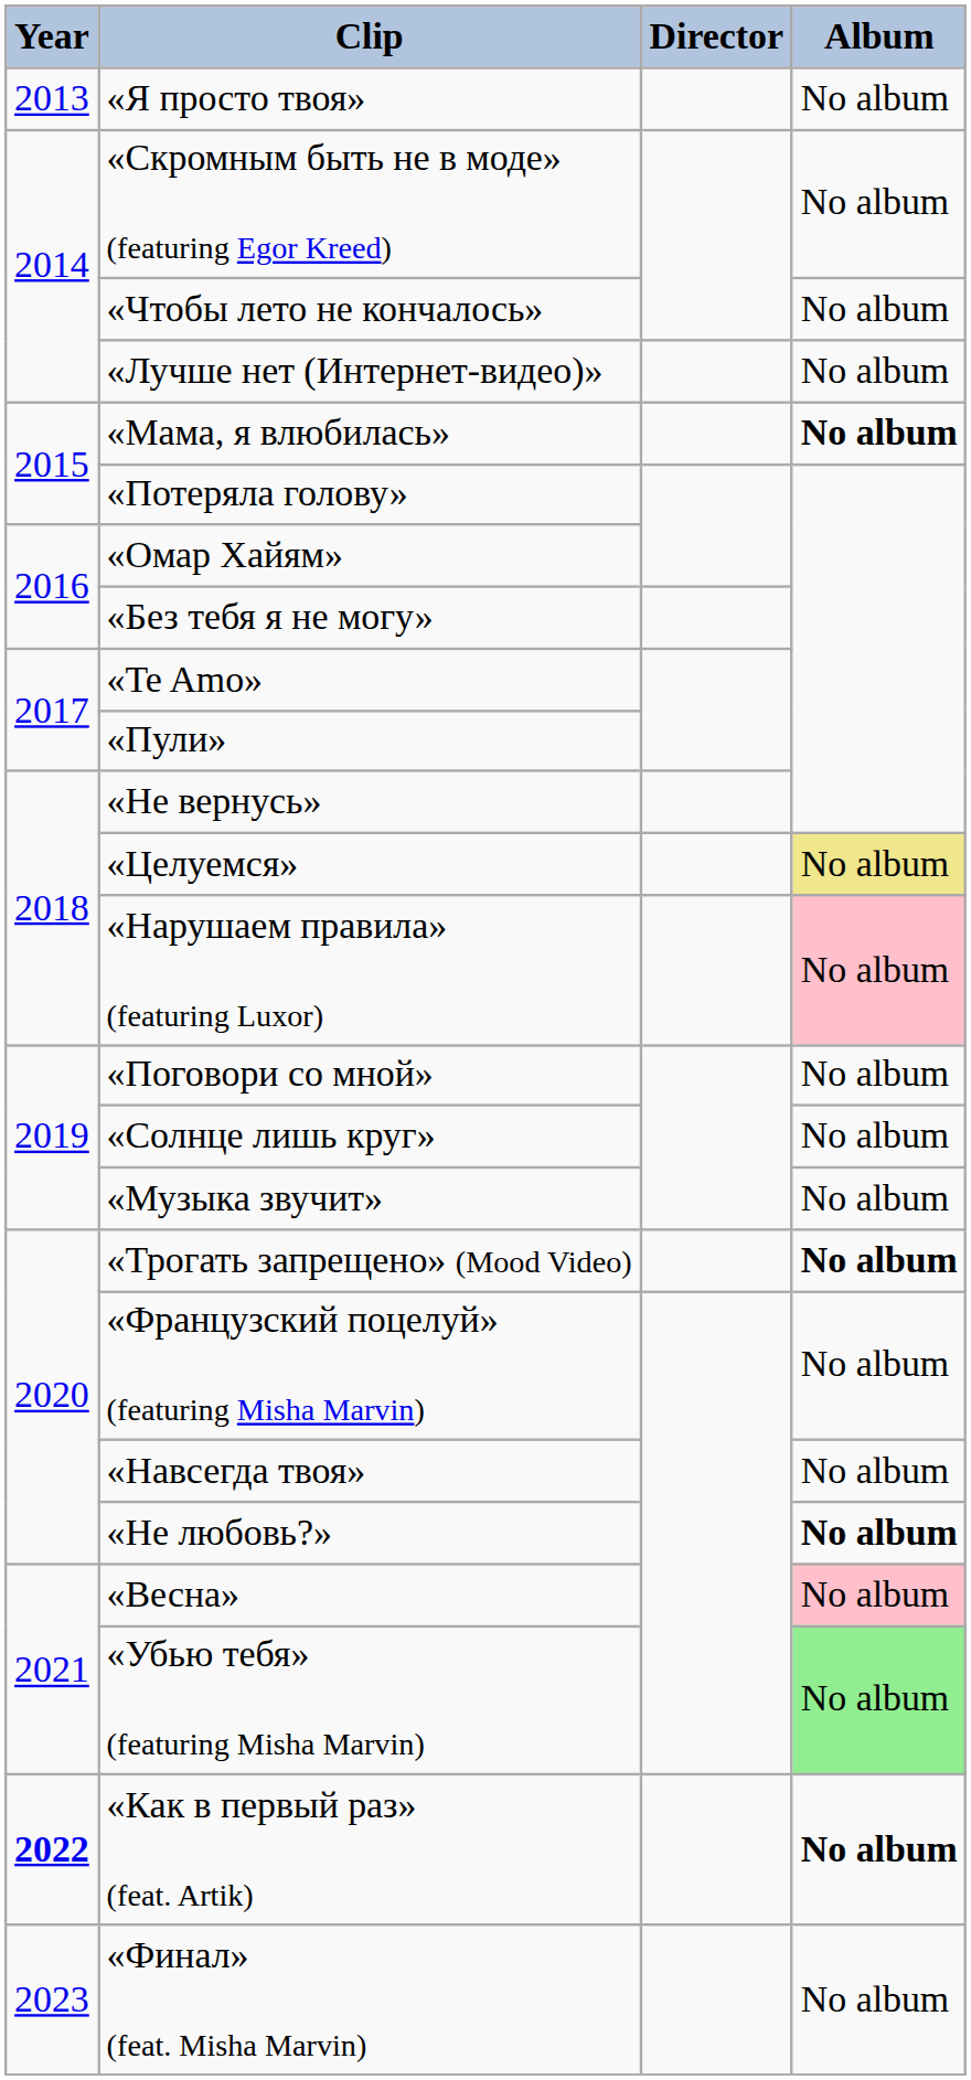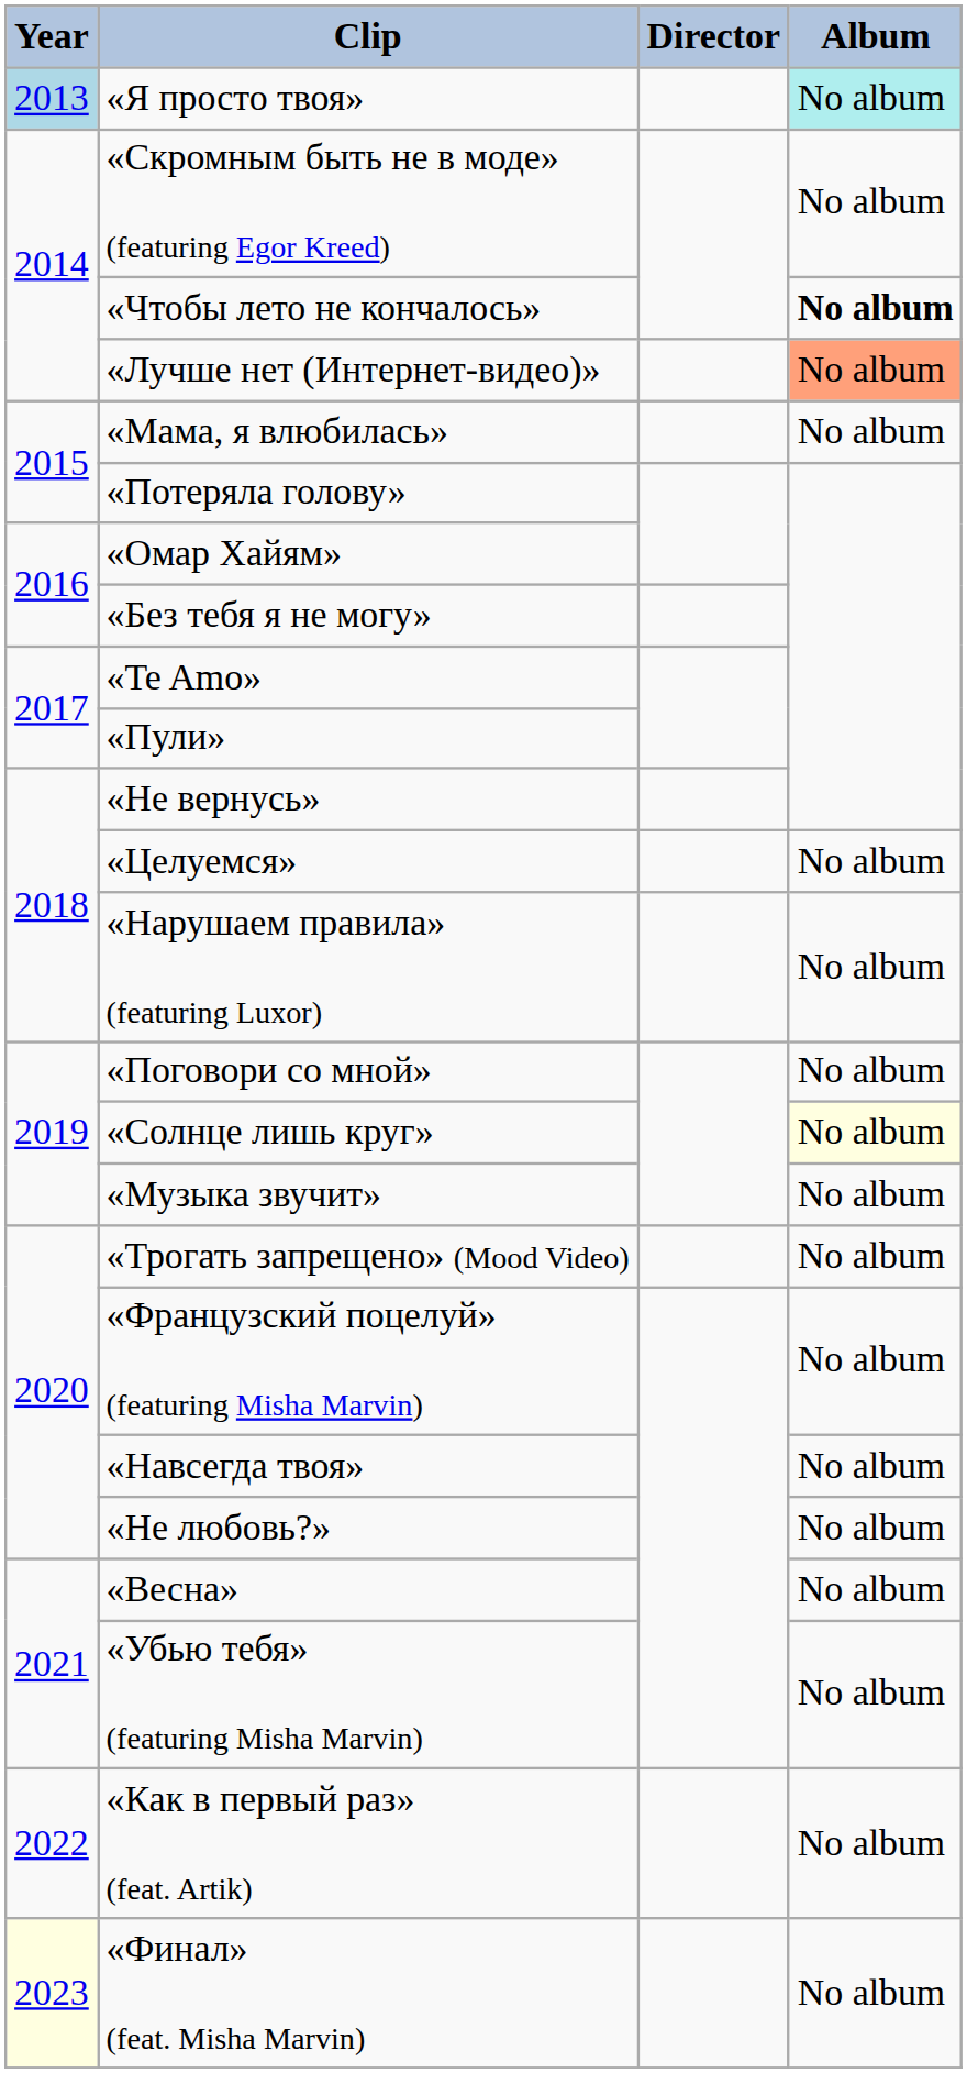 <table class="wikitable" style="font-size: 90%;">
 <tr>
 <th style="background:#B0C4DE;">Year</th>
 <th style="background:#B0C4DE;">Clip</th>
 <th style="background:#B0C4DE;">Director</th>
 <th style="background:#B0C4DE;">Album</th>
 </tr>
 <tr>
-<td><a href='#'>2013</a></td>
+<td style="background: lightblue;"><a href='#'>2013</a></td>
 <td>«Я просто твоя»</td>
 <td></td>
-<td>No album</td>
+<td style="background: paleturquoise;">No album</td>
 </tr>
 <tr>
 <td rowspan="3"><a href='#'>2014</a></td>
 <td>«Скромным быть не в моде»<br><br><small>(featuring <a href='#'>Egor Kreed</a>)</small></td>
 <td rowspan="2"></td>
 <td>No album</td>
 </tr>
 <tr>
 <td>«Чтобы лето не кончалось»</td>
-<td>No album</td>
+<td><strong>No album</strong></td>
 </tr>
 <tr>
 <td>«Лучше нет (Интернет-видео)»</td>
 <td></td>
-<td>No album</td>
+<td style="background: lightsalmon;">No album</td>
 </tr>
 <tr>
 <td rowspan="2"><a href='#'>2015</a></td>
 <td>«Мама, я влюбилась»</td>
 <td></td>
-<td><strong>No album</strong></td>
+<td>No album</td>
 </tr>
 <tr>
 <td>«Потеряла голову»</td>
 <td rowspan="2"></td>
 <td rowspan="6"></td>
 </tr>
 <tr>
 <td rowspan="2"><a href='#'>2016</a></td>
 <td>«Омар Хайям»</td>
 </tr>
 <tr>
 <td>«Без тебя я не могу»</td>
 <td></td>
 </tr>
 <tr>
 <td rowspan="2"><a href='#'>2017</a></td>
 <td>«Te Amo»</td>
 <td rowspan="2"></td>
 </tr>
 <tr>
 <td>«Пули»</td>
 </tr>
 <tr>
 <td rowspan="3"><a href='#'>2018</a></td>
 <td>«Не вернусь»</td>
 <td></td>
 </tr>
 <tr>
 <td>«Целуемся»</td>
 <td></td>
-<td style="background: khaki;">No album</td>
+<td>No album</td>
 </tr>
 <tr>
 <td>«Нарушаем правила»<br><br><small>(featuring Luxor)</small></td>
 <td></td>
-<td style="background: pink;">No album</td>
+<td>No album</td>
 </tr>
 <tr>
 <td rowspan="3"><a href='#'>2019</a></td>
 <td>«Поговори со мной»</td>
 <td rowspan="3"></td>
 <td>No album</td>
 </tr>
 <tr>
 <td>«Солнце лишь круг»</td>
-<td>No album</td>
+<td style="background: lightyellow;">No album</td>
 </tr>
 <tr>
 <td>«Музыка звучит»</td>
 <td>No album</td>
 </tr>
 <tr>
 <td rowspan="4"><a href='#'>2020</a></td>
 <td>«Трогать запрещено» <small>(Mood Video)</small></td>
 <td></td>
-<td><strong>No album</strong></td>
+<td>No album</td>
 </tr>
 <tr>
 <td>«Французский поцелуй»<br><br><small>(featuring <a href='#'>Misha Marvin</a>)</small></td>
 <td rowspan="5"></td>
 <td>No album</td>
 </tr>
 <tr>
 <td>«Навсегда твоя»</td>
 <td>No album</td>
 </tr>
 <tr>
 <td>«Не любовь?»</td>
-<td><strong>No album</strong></td>
+<td>No album</td>
 </tr>
 <tr>
 <td rowspan="2"><a href='#'>2021</a></td>
 <td>«Весна»</td>
-<td style="background: pink;">No album</td>
+<td>No album</td>
 </tr>
 <tr>
 <td>«Убью тебя»<br><br><small>(featuring Misha Marvin)</small></td>
-<td style="background: lightgreen;">No album</td>
+<td>No album</td>
 </tr>
 <tr>
-<td><strong><a href='#'>2022</a></strong></td>
+<td><a href='#'>2022</a></td>
 <td>«Как в первый раз»<br><br><small>(feat. Artik)</small></td>
 <td></td>
-<td><strong>No album</strong></td>
+<td>No album</td>
 </tr>
 <tr>
-<td><a href='#'>2023</a></td>
+<td style="background: lightyellow;"><a href='#'>2023</a></td>
 <td>«Финал»<br><br><small>(feat. Misha Marvin)</small></td>
 <td></td>
 <td>No album</td>
 </tr>
 <tr>
 </tr>
 </table>
